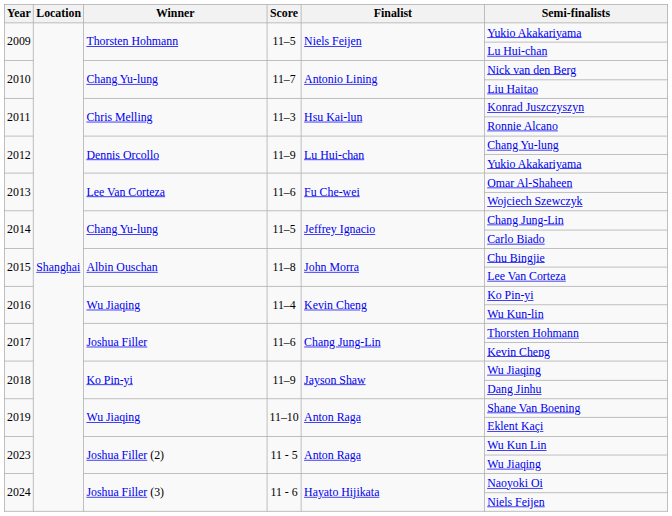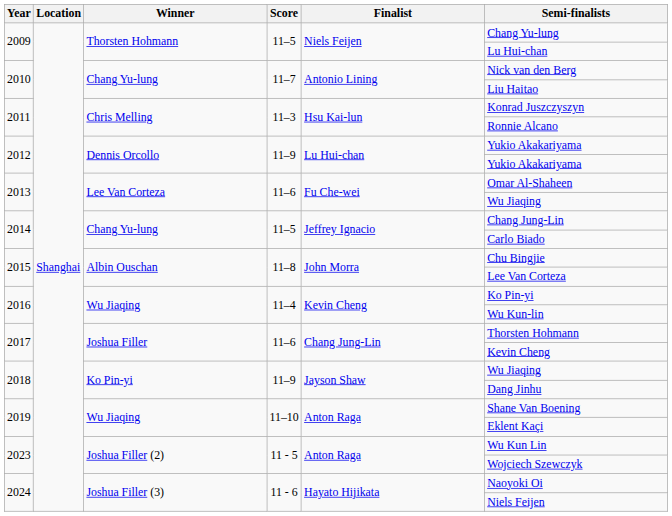 <table class="wikitable sortable">
 <tr>
 <th>Year</th>
 <th>Location</th>
 <th style="width:15em">Winner</th>
 <th>Score</th>
 <th style="width:15em">Finalist</th>
 <th style="width:15em">Semi-finalists</th>
 </tr>
 <tr>
 <td rowspan="2">2009</td>
 <td rowspan="30"> <a href='#'>Shanghai</a></td>
 <td rowspan="2"> <a href='#'>Thorsten Hohmann</a></td>
 <td rowspan="2" align="center">11–5</td>
 <td rowspan="2"> <a href='#'>Niels Feijen</a></td>
-<td> <a href='#'>Yukio Akakariyama</a></td>
+<td> <a href='#'>Chang Yu-lung</a></td>
 </tr>
 <tr>
 <td> <a href='#'>Lu Hui-chan</a></td>
 </tr>
 <tr>
 <td rowspan="2">2010</td>
 <td rowspan="2"> <a href='#'>Chang Yu-lung</a></td>
 <td rowspan="2" align="center">11–7</td>
 <td rowspan="2"> <a href='#'>Antonio Lining</a></td>
 <td> <a href='#'>Nick van den Berg</a></td>
 </tr>
 <tr>
 <td> <a href='#'>Liu Haitao</a></td>
 </tr>
 <tr>
 <td rowspan="2">2011</td>
 <td rowspan="2"> <a href='#'>Chris Melling</a></td>
 <td rowspan="2" align="center">11–3</td>
 <td rowspan="2"> <a href='#'>Hsu Kai-lun</a></td>
 <td> <a href='#'>Konrad Juszczyszyn</a></td>
 </tr>
 <tr>
 <td> <a href='#'>Ronnie Alcano</a></td>
 </tr>
 <tr>
 <td rowspan="2">2012</td>
 <td rowspan="2"> <a href='#'>Dennis Orcollo</a></td>
 <td rowspan="2" align="center">11–9</td>
 <td rowspan="2"> <a href='#'>Lu Hui-chan</a></td>
-<td> <a href='#'>Chang Yu-lung</a></td>
+<td> <a href='#'>Yukio Akakariyama</a></td>
 </tr>
 <tr>
 <td> <a href='#'>Yukio Akakariyama</a></td>
 </tr>
 <tr>
 <td rowspan="2">2013</td>
 <td rowspan="2"> <a href='#'>Lee Van Corteza</a></td>
 <td rowspan="2" align="center">11–6</td>
 <td rowspan="2"> <a href='#'>Fu Che-wei</a></td>
 <td> <a href='#'>Omar Al-Shaheen</a></td>
 </tr>
 <tr>
-<td> <a href='#'>Wojciech Szewczyk</a></td>
+<td> <a href='#'>Wu Jiaqing</a></td>
 </tr>
 <tr>
 <td rowspan="2">2014</td>
 <td rowspan="2"> <a href='#'>Chang Yu-lung</a> </td>
 <td rowspan="2" align="center">11–5</td>
 <td rowspan="2"> <a href='#'>Jeffrey Ignacio</a></td>
 <td> <a href='#'>Chang Jung-Lin</a></td>
 </tr>
 <tr>
 <td> <a href='#'>Carlo Biado</a></td>
 </tr>
 <tr>
 <td rowspan="2">2015</td>
 <td rowspan="2"> <a href='#'>Albin Ouschan</a></td>
 <td rowspan="2" align="center">11–8</td>
 <td rowspan="2"> <a href='#'>John Morra</a></td>
 <td> <a href='#'>Chu Bingjie</a></td>
 </tr>
 <tr>
 <td> <a href='#'>Lee Van Corteza</a></td>
 </tr>
 <tr>
 <td rowspan="2">2016</td>
 <td rowspan="2"> <a href='#'>Wu Jiaqing</a></td>
 <td rowspan="2" align="center">11–4</td>
 <td rowspan="2"> <a href='#'>Kevin Cheng</a></td>
 <td> <a href='#'>Ko Pin-yi</a></td>
 </tr>
 <tr>
 <td> <a href='#'>Wu Kun-lin</a></td>
 </tr>
 <tr>
 <td rowspan="2">2017</td>
 <td rowspan="2"> <a href='#'>Joshua Filler</a></td>
 <td rowspan="2" align="center">11–6</td>
 <td rowspan="2"> <a href='#'>Chang Jung-Lin</a></td>
 <td> <a href='#'>Thorsten Hohmann</a></td>
 </tr>
 <tr>
 <td> <a href='#'>Kevin Cheng</a></td>
 </tr>
 <tr>
 <td rowspan="2">2018</td>
 <td rowspan="2"> <a href='#'>Ko Pin-yi</a></td>
 <td rowspan="2" align="center">11–9</td>
 <td rowspan="2"> <a href='#'>Jayson Shaw</a></td>
 <td> <a href='#'>Wu Jiaqing</a></td>
 </tr>
 <tr>
 <td> <a href='#'>Dang Jinhu</a></td>
 </tr>
 <tr>
 <td rowspan="2">2019</td>
 <td rowspan="2"> <a href='#'>Wu Jiaqing</a> </td>
 <td rowspan="2" align="center">11–10</td>
 <td rowspan="2"> <a href='#'>Anton Raga</a></td>
 <td> <a href='#'>Shane Van Boening</a></td>
 </tr>
 <tr>
 <td> <a href='#'>Eklent Kaçi</a></td>
 </tr>
 <tr>
 <td rowspan="2">2023</td>
 <td rowspan="2"> <a href='#'>Joshua Filler</a> (2)</td>
 <td rowspan="2" align="center">11 - 5</td>
 <td rowspan="2"> <a href='#'>Anton Raga</a></td>
 <td> <a href='#'>Wu Kun Lin</a></td>
 </tr>
 <tr>
-<td> <a href='#'>Wu Jiaqing</a></td>
+<td> <a href='#'>Wojciech Szewczyk</a></td>
 </tr>
 <tr>
 <td rowspan="2">2024</td>
 <td rowspan="2"> <a href='#'>Joshua Filler</a> (3)</td>
 <td rowspan="2" align="center">11 - 6</td>
 <td rowspan="2"> <a href='#'>Hayato Hijikata</a></td>
 <td> <a href='#'>Naoyoki Oi</a></td>
 </tr>
 <tr>
 <td> <a href='#'>Niels Feijen</a></td>
 </tr>
 </table>
